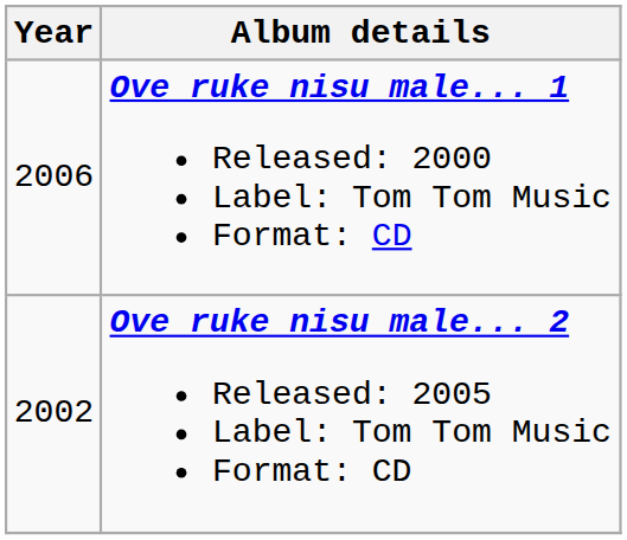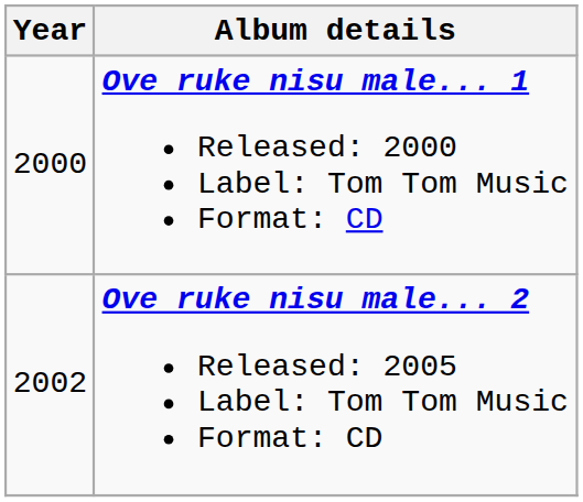 <table class ="wikitable">
 <tr>
 <th>Year</th>
 <th>Album details</th>
 </tr>
 <tr>
-<td align="center" rowspan="1">2006</td>
+<td align="center" rowspan="1">2000</td>
 <td><strong><em><a href='#'>Ove ruke nisu male... 1</a></em></strong><br><ul><li>Released: 2000</li><li>Label: Tom Tom Music</li><li>Format: <a href='#'>CD</a></li></ul></td>
 </tr>
 <tr>
 <td align="center" rowspan="1">2002</td>
 <td><strong><em><a href='#'>Ove ruke nisu male... 2</a></em></strong><br><ul><li>Released: 2005</li><li>Label: Tom Tom Music</li><li>Format: CD</li></ul></td>
 </tr>
 <tr>
 </tr>
 </table>
